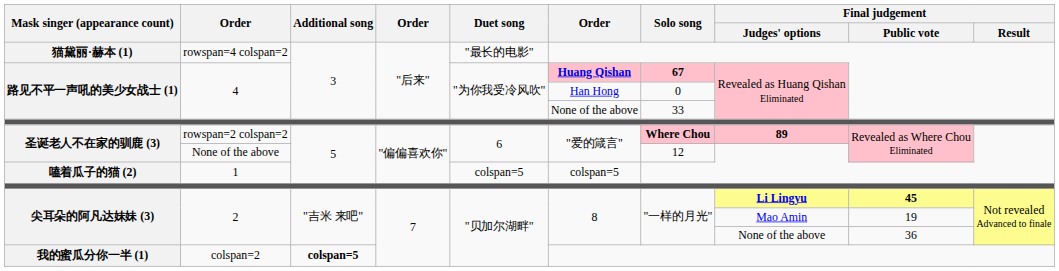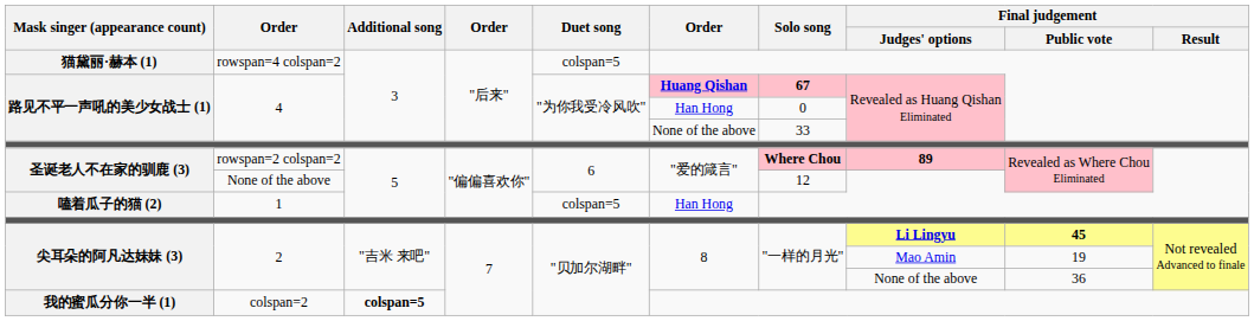 <table class="wikitable plainrowheaders" style="text-align:center;">
 <tr>
 <th rowspan=2 scope="col">Mask singer (appearance count)</th>
 <th rowspan=2 scope="col">Order</th>
 <th rowspan=2 scope="col">Additional song</th>
 <th rowspan=2 scope="col">Order</th>
 <th rowspan=2 scope="col">Duet song</th>
 <th rowspan=2 scope="col">Order</th>
 <th rowspan=2 scope="col">Solo song</th>
 <th scope="col" colspan=3>Final judgement</th>
 </tr>
 <tr>
 <th scope="col">Judges' options</th>
 <th scope="col">Public vote</th>
 <th scope="col">Result</th>
 </tr>
 <tr>
 <th scope="row">猫黛丽·赫本 (1)</th>
 <td>rowspan=4  colspan=2 </td>
 <td rowspan=4>3</td>
 <td rowspan=4>"后来"</td>
-<td>"最长的电影"</td>
+<td>colspan=5 </td>
 </tr>
 <tr>
 <th rowspan=3 scope="row">路见不平一声吼的美少女战士 (1)</th>
 <td rowspan=3>4</td>
 <td rowspan=3>"为你我受冷风吹"</td>
 <td style="background:pink;"><strong><a href='#'>Huang Qishan</a></strong></td>
 <td style="background:pink;"><strong>67</strong></td>
 <td style="background:pink;" rowspan=3>Revealed as Huang Qishan<br><small>Eliminated</small></td>
 </tr>
 <tr>
 <td><a href='#'>Han Hong</a></td>
 <td>0</td>
 </tr>
 <tr>
 <td>None of the above</td>
 <td>33</td>
 </tr>
 <tr>
 <td colspan="10" style="background:#555;"></td>
 </tr>
 <tr>
 <th rowspan=2 scope="row">圣诞老人不在家的驯鹿 (3)</th>
 <td>rowspan=2  colspan=2 </td>
 <td rowspan=3>5</td>
 <td rowspan=3>"偏偏喜欢你"</td>
 <td rowspan=2>6</td>
 <td rowspan=2>"爱的箴言"</td>
 <td style="background:pink;"><strong>Where Chou</strong></td>
 <td style="background:pink;"><strong>89</strong></td>
 <td style="background:pink;" rowspan=2>Revealed as Where Chou<br><small>Eliminated</small></td>
 </tr>
 <tr>
 <td>None of the above</td>
 <td>12</td>
 </tr>
 <tr>
 <th scope="row">嗑着瓜子的猫 (2)</th>
 <td>1</td>
 <td>colspan=5 </td>
-<td>colspan=5 </td>
+<td><a href='#'>Han Hong</a></td>
 </tr>
 <tr>
 <td colspan="10" style="background:#555;"></td>
 </tr>
 <tr>
 <th rowspan=3 scope="row">尖耳朵的阿凡达妹妹 (3) </th>
 <td rowspan=3>2</td>
 <td rowspan=3>"吉米 来吧"</td>
 <td rowspan=4>7</td>
 <td rowspan=4>"贝加尔湖畔"</td>
 <td rowspan=3>8</td>
 <td rowspan=3>"一样的月光"</td>
 <td style="background:#fdfc8f;"><strong><a href='#'>Li Lingyu</a></strong></td>
 <td style="background:#fdfc8f;"><strong>45</strong></td>
 <td style="background:#fdfc8f;" rowspan=3>Not revealed<br><small>Advanced to finale</small></td>
 </tr>
 <tr>
 <td><a href='#'>Mao Amin</a></td>
 <td>19</td>
 </tr>
 <tr>
 <td>None of the above</td>
 <td>36</td>
 </tr>
 <tr>
 <th scope="row">我的蜜瓜分你一半 (1)</th>
 <td>colspan=2 </td>
 <td><strong>colspan=5 </strong></td>
 </tr>
 </table>
